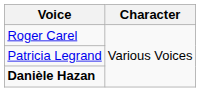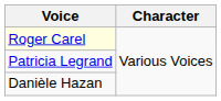 <table class="wikitable"|>
 <tr>
 <th>Voice</th>
 <th>Character</th>
 </tr>
 <tr>
-<td><a href='#'>Roger Carel</a></td>
+<td style="background: lightyellow;"><a href='#'>Roger Carel</a></td>
 <td rowspan="3">Various Voices</td>
 </tr>
 <tr>
 <td><a href='#'>Patricia Legrand</a></td>
 </tr>
 <tr>
-<td><strong>Danièle Hazan</strong></td>
+<td>Danièle Hazan</td>
 </tr>
 </table>
